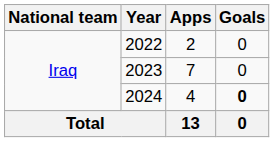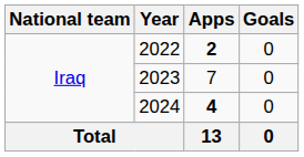 <table class=wikitable style=text-align:center>
 <tr>
 <th>National team</th>
 <th>Year</th>
 <th>Apps</th>
 <th>Goals</th>
 </tr>
 <tr>
 <td rowspan="3"><a href='#'>Iraq</a></td>
 <td>2022</td>
-<td>2</td>
+<td><strong>2</strong></td>
 <td>0</td>
 </tr>
 <tr>
 <td>2023</td>
 <td>7</td>
 <td>0</td>
 </tr>
 <tr>
 <td>2024</td>
-<td>4</td>
-<td><strong>0</strong></td>
+<td><strong>4</strong></td>
+<td>0</td>
 </tr>
 <tr>
 <th colspan="2">Total</th>
 <th>13</th>
 <th>0</th>
 </tr>
 </table>
